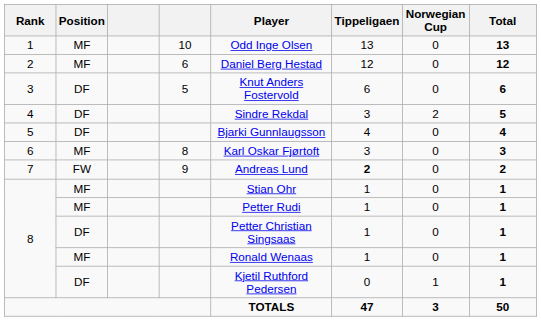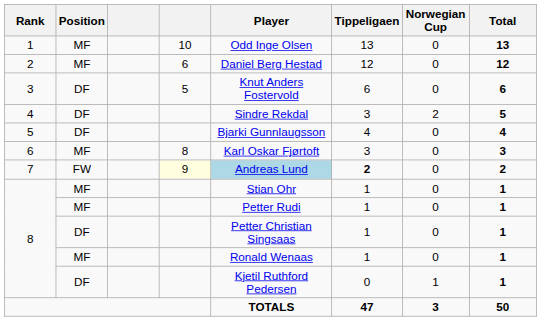 <table class="wikitable" style="font-size: 95%; text-align: center;">
 <tr>
 <th width=60>Rank</th>
 <th width=60>Position</th>
 <th width=60></th>
 <th width=60></th>
 <th width=150>Player</th>
 <th width=80>Tippeligaen</th>
 <th width=80>Norwegian Cup</th>
 <th width=80><strong>Total</strong></th>
 </tr>
 <tr>
 <td>1</td>
 <td>MF</td>
 <td></td>
 <td>10</td>
 <td><a href='#'>Odd Inge Olsen</a></td>
 <td>13</td>
 <td>0</td>
 <td><strong>13</strong></td>
 </tr>
 <tr>
 <td>2</td>
 <td>MF</td>
 <td></td>
 <td>6</td>
 <td><a href='#'>Daniel Berg Hestad</a></td>
 <td>12</td>
 <td>0</td>
 <td><strong>12</strong></td>
 </tr>
 <tr>
 <td>3</td>
 <td>DF</td>
 <td></td>
 <td>5</td>
 <td><a href='#'>Knut Anders Fostervold</a></td>
 <td>6</td>
 <td>0</td>
 <td><strong>6</strong></td>
 </tr>
 <tr>
 <td>4</td>
 <td>DF</td>
 <td></td>
 <td></td>
 <td><a href='#'>Sindre Rekdal</a></td>
 <td>3</td>
 <td>2</td>
 <td><strong>5</strong></td>
 </tr>
 <tr>
 <td>5</td>
 <td>DF</td>
 <td></td>
 <td></td>
 <td><a href='#'>Bjarki Gunnlaugsson</a></td>
 <td>4</td>
 <td>0</td>
 <td><strong>4</strong></td>
 </tr>
 <tr>
 <td>6</td>
 <td>MF</td>
 <td></td>
 <td>8</td>
 <td><a href='#'>Karl Oskar Fjørtoft</a></td>
 <td>3</td>
 <td>0</td>
 <td><strong>3</strong></td>
 </tr>
 <tr>
 <td>7</td>
 <td>FW</td>
 <td></td>
-<td>9</td>
-<td><a href='#'>Andreas Lund</a></td>
+<td style="background: lightyellow;">9</td>
+<td style="background: lightblue;"><a href='#'>Andreas Lund</a></td>
 <td><strong>2</strong></td>
 <td>0</td>
 <td><strong>2</strong></td>
 </tr>
 <tr>
 <td rowspan="5">8</td>
 <td>MF</td>
 <td></td>
 <td></td>
 <td><a href='#'>Stian Ohr</a></td>
 <td>1</td>
 <td>0</td>
 <td><strong>1</strong></td>
 </tr>
 <tr>
 <td>MF</td>
 <td></td>
 <td></td>
 <td><a href='#'>Petter Rudi</a></td>
 <td>1</td>
 <td>0</td>
 <td><strong>1</strong></td>
 </tr>
 <tr>
 <td>DF</td>
 <td></td>
 <td></td>
 <td><a href='#'>Petter Christian Singsaas</a></td>
 <td>1</td>
 <td>0</td>
 <td><strong>1</strong></td>
 </tr>
 <tr>
 <td>MF</td>
 <td></td>
 <td></td>
 <td><a href='#'>Ronald Wenaas</a></td>
 <td>1</td>
 <td>0</td>
 <td><strong>1</strong></td>
 </tr>
 <tr>
 <td>DF</td>
 <td></td>
 <td></td>
 <td><a href='#'>Kjetil Ruthford Pedersen</a></td>
 <td>0</td>
 <td>1</td>
 <td><strong>1</strong></td>
 </tr>
 <tr>
 <td colspan="4"></td>
 <td><strong>TOTALS</strong></td>
 <td><strong>47</strong></td>
 <td><strong>3</strong></td>
 <td><strong>50</strong></td>
 </tr>
 </table>
